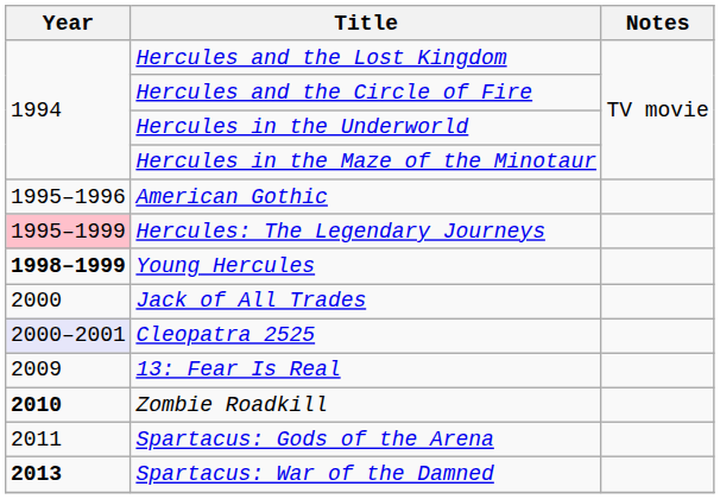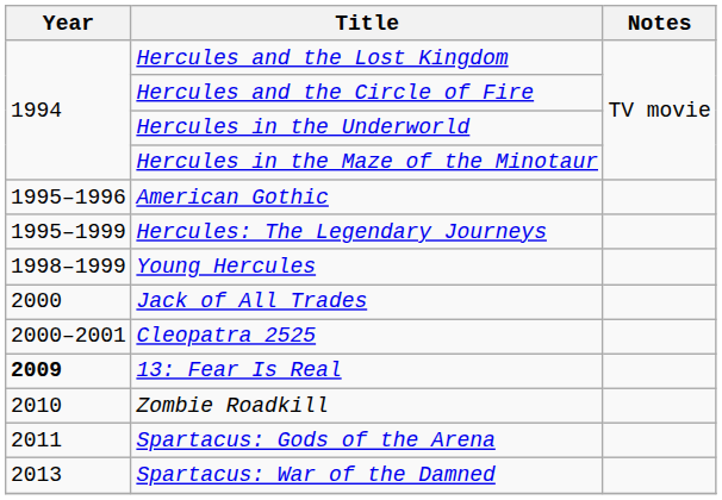 <table class="wikitable">
 <tr>
 <th>Year</th>
 <th>Title</th>
 <th>Notes</th>
 </tr>
 <tr>
 <td rowspan=4>1994</td>
 <td><em><a href='#'>Hercules and the Lost Kingdom</a></em></td>
 <td rowspan=4>TV movie</td>
 </tr>
 <tr>
 <td><em><a href='#'>Hercules and the Circle of Fire</a></em></td>
 </tr>
 <tr>
 <td><em><a href='#'>Hercules in the Underworld</a></em></td>
 </tr>
 <tr>
 <td><em><a href='#'>Hercules in the Maze of the Minotaur</a></em></td>
 </tr>
 <tr>
 <td>1995–1996</td>
 <td><em><a href='#'>American Gothic</a></em></td>
 <td></td>
 </tr>
 <tr>
-<td style="background: pink;">1995–1999</td>
+<td>1995–1999</td>
 <td><em><a href='#'>Hercules: The Legendary Journeys</a></em></td>
 <td></td>
 </tr>
 <tr>
-<td><strong>1998–1999</strong></td>
+<td>1998–1999</td>
 <td><em><a href='#'>Young Hercules</a></em></td>
 <td></td>
 </tr>
 <tr>
 <td>2000</td>
 <td><em><a href='#'>Jack of All Trades</a></em></td>
 <td></td>
 </tr>
 <tr>
-<td style="background: lavender;">2000–2001</td>
+<td>2000–2001</td>
 <td><em><a href='#'>Cleopatra 2525</a></em></td>
 <td></td>
 </tr>
 <tr>
-<td>2009</td>
+<td><strong>2009</strong></td>
 <td><em><a href='#'>13: Fear Is Real</a></em></td>
 <td></td>
 </tr>
 <tr>
-<td><strong>2010</strong></td>
+<td>2010</td>
 <td><em>Zombie Roadkill</em></td>
 <td></td>
 </tr>
 <tr>
 <td>2011</td>
 <td><em><a href='#'>Spartacus: Gods of the Arena</a></em></td>
 <td></td>
 </tr>
 <tr>
-<td><strong>2013</strong></td>
+<td>2013</td>
 <td><em><a href='#'>Spartacus: War of the Damned</a></em></td>
 <td></td>
 </tr>
 <tr>
 </tr>
 </table>
